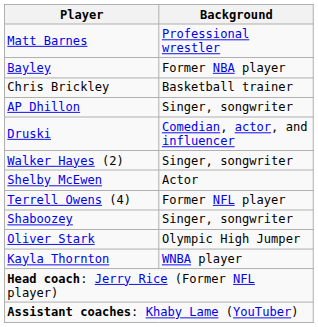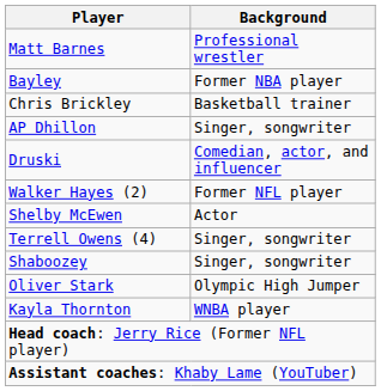 <table class="wikitable">
 <tr>
 <th width=160>Player</th>
 <th width=160>Background</th>
 </tr>
 <tr>
 <td><a href='#'>Matt Barnes</a></td>
 <td><a href='#'>Professional wrestler</a></td>
 </tr>
 <tr>
 <td><a href='#'>Bayley</a></td>
 <td>Former <a href='#'>NBA</a> player</td>
 </tr>
 <tr>
 <td>Chris Brickley</td>
 <td>Basketball trainer</td>
 </tr>
 <tr>
 <td><a href='#'>AP Dhillon</a></td>
 <td>Singer, songwriter</td>
 </tr>
 <tr>
 <td><a href='#'>Druski</a></td>
 <td><a href='#'>Comedian</a>, <a href='#'>actor</a>, and <a href='#'>influencer</a></td>
 </tr>
 <tr>
 <td><a href='#'>Walker Hayes</a> (2)</td>
-<td>Singer, songwriter</td>
+<td>Former <a href='#'>NFL</a> player</td>
 </tr>
 <tr>
 <td><a href='#'>Shelby McEwen</a></td>
 <td>Actor</td>
 </tr>
 <tr>
 <td><a href='#'>Terrell Owens</a> (4)</td>
-<td>Former <a href='#'>NFL</a> player</td>
+<td>Singer, songwriter</td>
 </tr>
 <tr>
 <td><a href='#'>Shaboozey</a></td>
 <td>Singer, songwriter</td>
 </tr>
 <tr>
 <td><a href='#'>Oliver Stark</a></td>
 <td>Olympic High Jumper</td>
 </tr>
 <tr>
 <td><a href='#'>Kayla Thornton</a></td>
 <td><a href='#'>WNBA</a> player</td>
 </tr>
 <tr>
 <td colspan="3"><strong>Head coach</strong>: <a href='#'>Jerry Rice</a> (Former <a href='#'>NFL</a> player)</td>
 </tr>
 <tr>
 <td colspan="3"><strong>Assistant coaches</strong>: <a href='#'>Khaby Lame</a> (<a href='#'>YouTuber</a>)</td>
 </tr>
 </table>
